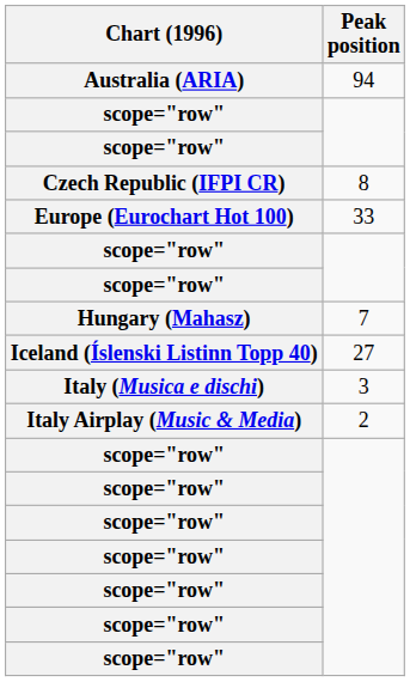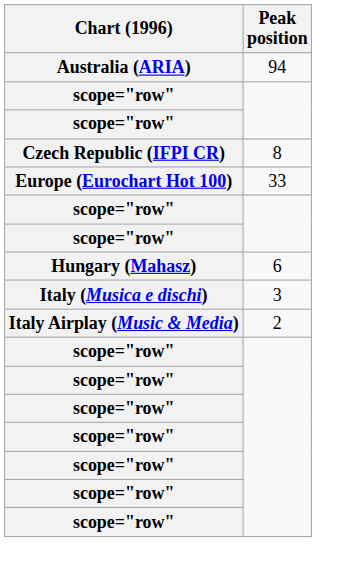 <table class="wikitable plainrowheaders sortable" style="text-align:center;">
 <tr>
 <th scope="col">Chart (1996)</th>
 <th scope="col">Peak<br>position</th>
 </tr>
 <tr>
 <th scope="row">Australia (<a href='#'>ARIA</a>)</th>
 <td>94</td>
 </tr>
 <tr>
 <th>scope="row" </th>
 </tr>
 <tr>
 <th>scope="row" </th>
 </tr>
 <tr>
 <th scope="row">Czech Republic (<a href='#'>IFPI CR</a>)</th>
 <td>8</td>
 </tr>
 <tr>
 <th scope="row">Europe (<a href='#'>Eurochart Hot 100</a>)</th>
 <td>33</td>
 </tr>
 <tr>
 <th>scope="row" </th>
 </tr>
 <tr>
 <th>scope="row" </th>
 </tr>
 <tr>
 <th scope="row">Hungary (<a href='#'>Mahasz</a>)</th>
-<td>7</td>
-</tr>
-<tr>
-<th scope="row">Iceland (<a href='#'>Íslenski Listinn Topp 40</a>)</th>
-<td>27</td>
+<td>6</td>
 </tr>
 <tr>
 <th scope="row">Italy (<em><a href='#'>Musica e dischi</a></em>)</th>
 <td>3</td>
 </tr>
 <tr>
 <th scope="row">Italy Airplay (<em><a href='#'>Music & Media</a></em>)</th>
 <td>2</td>
 </tr>
 <tr>
 <th>scope="row" </th>
 </tr>
 <tr>
 <th>scope="row" </th>
 </tr>
 <tr>
 <th>scope="row" </th>
 </tr>
 <tr>
 <th>scope="row" </th>
 </tr>
 <tr>
 <th>scope="row" </th>
 </tr>
 <tr>
 <th>scope="row" </th>
 </tr>
 <tr>
 <th>scope="row" </th>
 </tr>
 </table>
